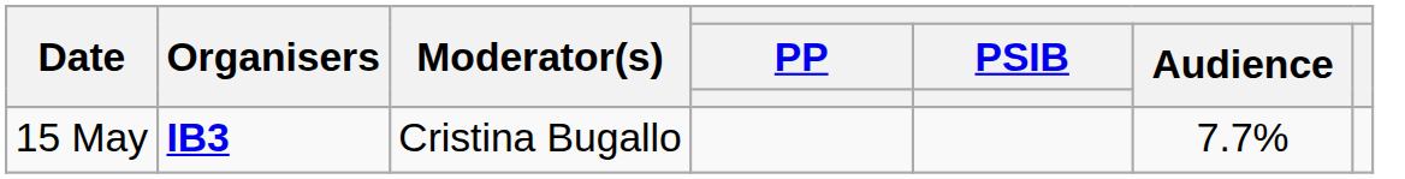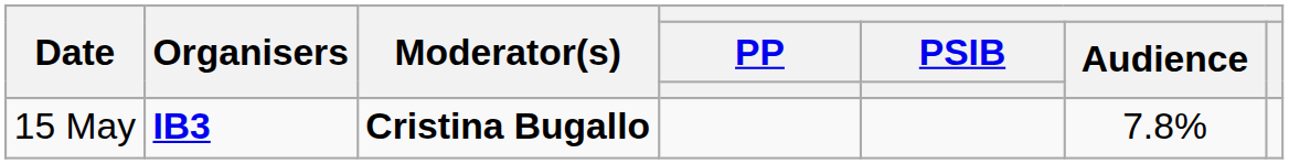 <table class="wikitable" style="text-align:center;">
 <tr>
 <th rowspan="3">Date</th>
 <th rowspan="3">Organisers</th>
 <th rowspan="3">Moderator(s)</th>
 <th colspan="4">  </th>
 </tr>
 <tr>
 <th scope="col" style="width:5em;"><a href='#'>PP</a></th>
 <th scope="col" style="width:5em;"><a href='#'>PSIB</a></th>
 <th rowspan="2" scope="col" style="width:5em;">Audience</th>
 <th rowspan="2"></th>
 </tr>
 <tr>
 <th style="color:inherit;background:"></th>
 <th style="color:inherit;background:"></th>
 </tr>
 <tr>
 <td style="white-space:nowrap; text-align:left;">15 May</td>
 <td style="white-space:nowrap; text-align:left;"><strong><a href='#'>IB3</a></strong></td>
-<td style="white-space:nowrap; text-align:left;">Cristina Bugallo</td>
+<td style="white-space:nowrap; text-align:left;"><strong>Cristina Bugallo</strong></td>
 <td></td>
 <td></td>
-<td>7.7%<br></td>
+<td>7.8%<br></td>
 <td><br></td>
 </tr>
 </table>
